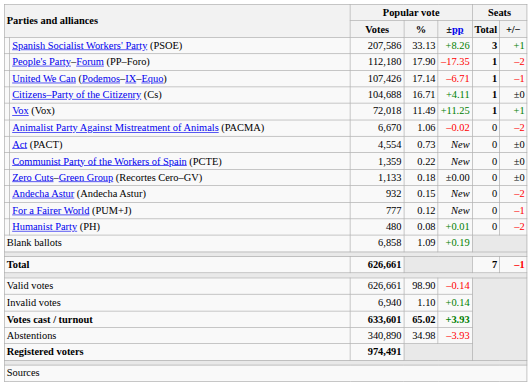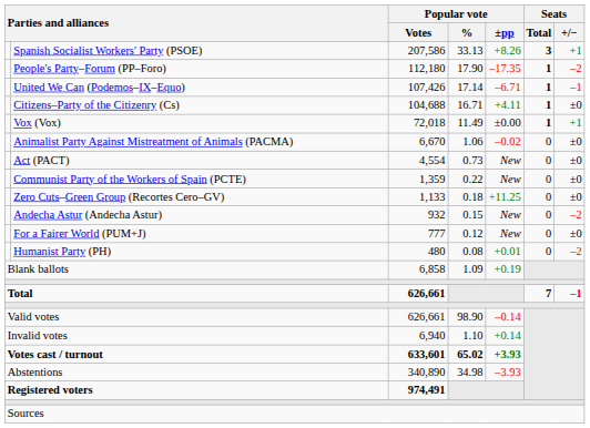 <table class="wikitable" style="text-align:right;">
 <tr>
 <th style="text-align:left;" rowspan="2" colspan="2" width="525">Parties and alliances</th>
 <th colspan="3">Popular vote</th>
 <th colspan="2">Seats</th>
 </tr>
 <tr>
 <th width="75">Votes</th>
 <th width="45">%</th>
 <th width="45">±<a href='#'>pp</a></th>
 <th width="35">Total</th>
 <th width="35">+/−</th>
 </tr>
 <tr>
 <td width="1" style="color:inherit;background:"></td>
 <td align="left"><a href='#'>Spanish Socialist Workers' Party</a> (PSOE)</td>
 <td>207,586</td>
 <td>33.13</td>
 <td style="color:green;">+8.26</td>
 <td><strong>3</strong></td>
 <td style="color:green;">+1</td>
 </tr>
 <tr>
 <td style="color:inherit;background:"></td>
 <td align="left"><a href='#'>People's Party</a>–<a href='#'>Forum</a> (PP–Foro)</td>
 <td>112,180</td>
 <td>17.90</td>
 <td style="color:red;">–17.35</td>
 <td><strong>1</strong></td>
 <td style="color:red;">–2</td>
 </tr>
 <tr>
 <td style="color:inherit;background:"></td>
 <td align="left"><a href='#'>United We Can</a> (<a href='#'>Podemos</a>–<a href='#'>IX</a>–<a href='#'>Equo</a>)</td>
 <td>107,426</td>
 <td>17.14</td>
 <td style="color:red;">–6.71</td>
 <td><strong>1</strong></td>
 <td style="color:red;">–1</td>
 </tr>
 <tr>
 <td style="color:inherit;background:"></td>
 <td align="left"><a href='#'>Citizens–Party of the Citizenry</a> (Cs)</td>
 <td>104,688</td>
 <td>16.71</td>
 <td style="color:green;">+4.11</td>
 <td><strong>1</strong></td>
 <td>±0</td>
 </tr>
 <tr>
 <td style="color:inherit;background:"></td>
 <td align="left"><a href='#'>Vox</a> (Vox)</td>
 <td>72,018</td>
 <td>11.49</td>
-<td style="color:green;">+11.25</td>
+<td>±0.00</td>
 <td><strong>1</strong></td>
 <td style="color:green;">+1</td>
 </tr>
 <tr>
 <td style="color:inherit;background:"></td>
 <td align="left"><a href='#'>Animalist Party Against Mistreatment of Animals</a> (PACMA)</td>
 <td>6,670</td>
 <td>1.06</td>
 <td style="color:red;">–0.02</td>
 <td>0</td>
-<td style="color:red;">–2</td>
+<td>±0</td>
 </tr>
 <tr>
 <td style="color:inherit;background:"></td>
 <td align="left"><a href='#'>Act</a> (PACT)</td>
 <td>4,554</td>
 <td>0.73</td>
 <td><em>New</em></td>
 <td>0</td>
 <td>±0</td>
 </tr>
 <tr>
 <td style="color:inherit;background:"></td>
 <td align="left"><a href='#'>Communist Party of the Workers of Spain</a> (PCTE)</td>
 <td>1,359</td>
 <td>0.22</td>
 <td><em>New</em></td>
 <td>0</td>
 <td>±0</td>
 </tr>
 <tr>
 <td style="color:inherit;background:"></td>
 <td align="left"><a href='#'>Zero Cuts</a>–<a href='#'>Green Group</a> (Recortes Cero–GV)</td>
 <td>1,133</td>
 <td>0.18</td>
-<td>±0.00</td>
+<td style="color:green;">+11.25</td>
 <td>0</td>
 <td>±0</td>
 </tr>
 <tr>
 <td style="color:inherit;background:"></td>
 <td align="left"><a href='#'>Andecha Astur</a> (Andecha Astur)</td>
 <td>932</td>
 <td>0.15</td>
 <td><em>New</em></td>
 <td>0</td>
 <td style="color:red;">–2</td>
 </tr>
 <tr>
 <td style="color:inherit;background:"></td>
 <td align="left"><a href='#'>For a Fairer World</a> (PUM+J)</td>
 <td>777</td>
 <td>0.12</td>
 <td><em>New</em></td>
 <td>0</td>
-<td style="color:red;">–1</td>
+<td>±0</td>
 </tr>
 <tr>
 <td style="color:inherit;background:"></td>
 <td align="left"><a href='#'>Humanist Party</a> (PH)</td>
 <td>480</td>
 <td>0.08</td>
 <td style="color:green;">+0.01</td>
 <td>0</td>
 <td style="color:red;">–2</td>
 </tr>
 <tr>
 <td align="left" colspan="2">Blank ballots</td>
 <td>6,858</td>
 <td>1.09</td>
 <td style="color:green;">+0.19</td>
 <td bgcolor="#E9E9E9" colspan="2"></td>
 </tr>
 <tr>
 <td colspan="7" bgcolor="#E9E9E9"></td>
 </tr>
 <tr style="font-weight:bold;">
 <td align="left" colspan="2">Total</td>
 <td>626,661</td>
 <td bgcolor="#E9E9E9" colspan="2"></td>
 <td>7</td>
 <td style="color:red;">–1</td>
 </tr>
 <tr>
 <td colspan="7" bgcolor="#E9E9E9"></td>
 </tr>
 <tr>
 <td align="left" colspan="2">Valid votes</td>
 <td>626,661</td>
 <td>98.90</td>
 <td style="color:red;">–0.14</td>
 <td bgcolor="#E9E9E9" colspan="2" rowspan="5"></td>
 </tr>
 <tr>
 <td align="left" colspan="2">Invalid votes</td>
 <td>6,940</td>
 <td>1.10</td>
 <td style="color:green;">+0.14</td>
 </tr>
 <tr style="font-weight:bold;">
 <td align="left" colspan="2">Votes cast / turnout</td>
 <td>633,601</td>
 <td>65.02</td>
 <td style="color:green;">+3.93</td>
 </tr>
 <tr>
 <td align="left" colspan="2">Abstentions</td>
 <td>340,890</td>
 <td>34.98</td>
 <td style="color:red;">–3.93</td>
 </tr>
 <tr style="font-weight:bold;">
 <td align="left" colspan="2">Registered voters</td>
 <td>974,491</td>
 <td bgcolor="#E9E9E9" colspan="2"></td>
 </tr>
 <tr>
 <td colspan="7" bgcolor="#E9E9E9"></td>
 </tr>
 <tr>
 <td align="left" colspan="7">Sources</td>
 </tr>
 </table>
